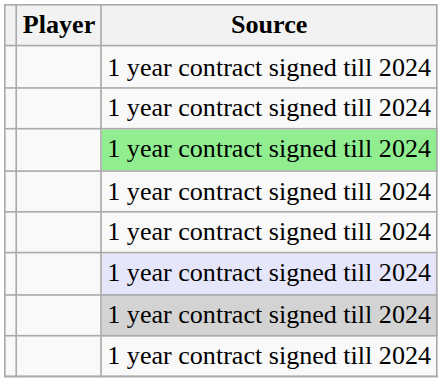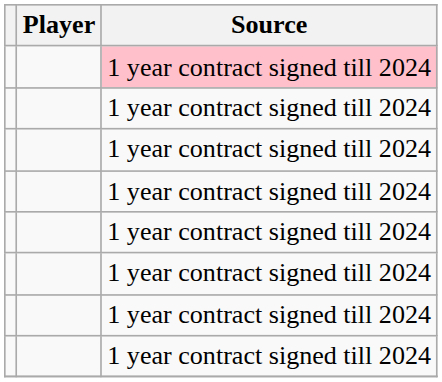 <table class="wikitable plainrowheaders sortable">
 <tr>
 <th></th>
 <th scope=col>Player</th>
 <th scope=col>Source</th>
+</tr>
+<tr>
+<td></td>
+<td align=left></td>
+<td style="background: pink;">1 year contract signed till 2024</td>
 </tr>
 <tr>
 <td></td>
 <td align=left></td>
 <td>1 year contract signed till 2024</td>
 </tr>
 <tr>
 <td></td>
 <td align=left></td>
 <td>1 year contract signed till 2024</td>
 </tr>
 <tr>
 <td></td>
 <td align=left></td>
-<td style="background: lightgreen;">1 year contract signed till 2024</td>
+<td>1 year contract signed till 2024</td>
 </tr>
 <tr>
 <td></td>
 <td align=left></td>
 <td>1 year contract signed till 2024</td>
 </tr>
 <tr>
 <td></td>
 <td align=left></td>
 <td>1 year contract signed till 2024</td>
 </tr>
 <tr>
 <td></td>
 <td align=left></td>
-<td style="background: lavender;">1 year contract signed till 2024</td>
-</tr>
-<tr>
-<td></td>
-<td align=left></td>
-<td style="background: lightgrey;">1 year contract signed till 2024</td>
+<td>1 year contract signed till 2024</td>
 </tr>
 <tr>
 <td></td>
 <td align=left></td>
 <td>1 year contract signed till 2024</td>
 </tr>
 <tr>
 </tr>
 </table>
